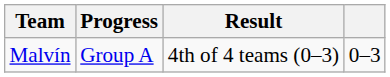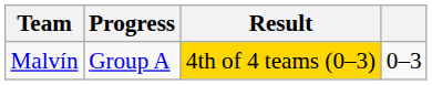 <table class="wikitable sortable">
 <tr>
 <th>Team</th>
 <th>Progress</th>
 <th>Result</th>
 <th></th>
 </tr>
 <tr>
 <td><a href='#'>Malvín</a></td>
 <td><a href='#'>Group A</a></td>
-<td style="text-align:center">4th of 4 teams (0–3)</td>
+<td style="background: gold; text-align:center">4th of 4 teams (0–3)</td>
 <td style="text-align:center" rowspan="4">0–3</td>
 </tr>
 </table>
